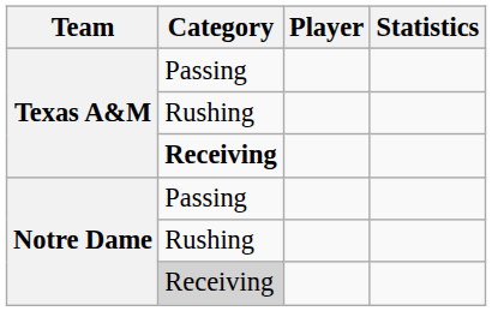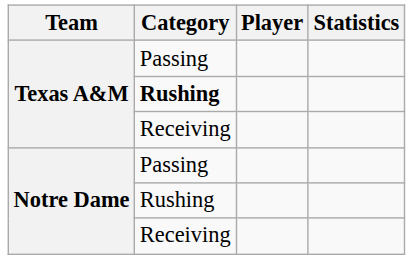 <table class="wikitable" style="float:right">
 <tr>
 <th>Team</th>
 <th>Category</th>
 <th>Player</th>
 <th>Statistics</th>
 </tr>
 <tr>
 <th rowspan=3>Texas A&M</th>
 <td>Passing</td>
 <td></td>
 <td></td>
 </tr>
 <tr>
-<td>Rushing</td>
+<td><strong>Rushing</strong></td>
 <td></td>
 <td></td>
 </tr>
 <tr>
-<td><strong>Receiving</strong></td>
+<td>Receiving</td>
 <td></td>
 <td></td>
 </tr>
 <tr>
 <th rowspan=3>Notre Dame</th>
 <td>Passing</td>
 <td></td>
 <td></td>
 </tr>
 <tr>
 <td>Rushing</td>
 <td></td>
 <td></td>
 </tr>
 <tr>
-<td style="background: lightgrey;">Receiving</td>
+<td>Receiving</td>
 <td></td>
 <td></td>
 </tr>
 </table>
